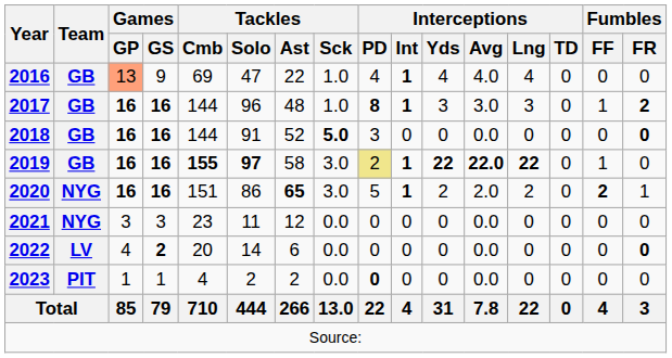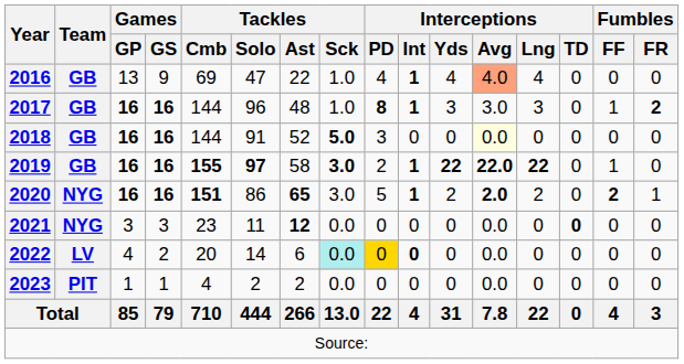 <table class="wikitable" style="text-align: center;">
 <tr>
 <th rowspan="2">Year</th>
 <th rowspan="2">Team</th>
 <th colspan="2">Games</th>
 <th colspan="4">Tackles</th>
 <th colspan="6">Interceptions</th>
 <th colspan="2">Fumbles</th>
 </tr>
 <tr>
 <th>GP</th>
 <th>GS</th>
 <th>Cmb</th>
 <th>Solo</th>
 <th>Ast</th>
 <th>Sck</th>
 <th>PD</th>
 <th>Int</th>
 <th>Yds</th>
 <th>Avg</th>
 <th>Lng</th>
 <th>TD</th>
 <th>FF</th>
 <th>FR</th>
 </tr>
 <tr>
 <th><a href='#'>2016</a></th>
 <th><a href='#'>GB</a></th>
-<td style="background: lightsalmon;">13</td>
+<td>13</td>
 <td>9</td>
 <td>69</td>
 <td>47</td>
 <td>22</td>
 <td>1.0</td>
 <td>4</td>
 <td><strong>1</strong></td>
 <td>4</td>
-<td>4.0</td>
+<td style="background: lightsalmon;">4.0</td>
 <td>4</td>
 <td>0</td>
 <td>0</td>
 <td>0</td>
 </tr>
 <tr>
 <th><a href='#'>2017</a></th>
 <th><a href='#'>GB</a></th>
 <td><strong>16</strong></td>
 <td><strong>16</strong></td>
 <td>144</td>
 <td>96</td>
 <td>48</td>
 <td>1.0</td>
 <td><strong>8</strong></td>
 <td><strong>1</strong></td>
 <td>3</td>
 <td>3.0</td>
 <td>3</td>
 <td>0</td>
 <td>1</td>
 <td><strong>2</strong></td>
 </tr>
 <tr>
 <th><a href='#'>2018</a></th>
 <th><a href='#'>GB</a></th>
 <td><strong>16</strong></td>
 <td><strong>16</strong></td>
 <td>144</td>
 <td>91</td>
 <td>52</td>
 <td><strong>5.0</strong></td>
 <td>3</td>
 <td>0</td>
 <td>0</td>
-<td>0.0</td>
+<td style="background: lightyellow;">0.0</td>
 <td>0</td>
 <td>0</td>
 <td>0</td>
-<td><strong>0</strong></td>
+<td>0</td>
 </tr>
 <tr>
 <th><a href='#'>2019</a></th>
 <th><a href='#'>GB</a></th>
 <td><strong>16</strong></td>
 <td><strong>16</strong></td>
 <td><strong>155</strong></td>
 <td><strong>97</strong></td>
 <td>58</td>
-<td>3.0</td>
-<td style="background: khaki;">2</td>
+<td><strong>3.0</strong></td>
+<td>2</td>
 <td><strong>1</strong></td>
 <td><strong>22</strong></td>
 <td><strong>22.0</strong></td>
 <td><strong>22</strong></td>
 <td>0</td>
 <td>1</td>
 <td>0</td>
 </tr>
 <tr>
 <th><a href='#'>2020</a></th>
 <th><a href='#'>NYG</a></th>
 <td><strong>16</strong></td>
 <td><strong>16</strong></td>
-<td>151</td>
+<td><strong>151</strong></td>
 <td>86</td>
 <td><strong>65</strong></td>
 <td>3.0</td>
 <td>5</td>
 <td><strong>1</strong></td>
 <td>2</td>
-<td>2.0</td>
+<td><strong>2.0</strong></td>
 <td>2</td>
 <td>0</td>
 <td><strong>2</strong></td>
 <td>1</td>
 </tr>
 <tr>
 <th><a href='#'>2021</a></th>
 <th><a href='#'>NYG</a></th>
 <td>3</td>
 <td>3</td>
 <td>23</td>
 <td>11</td>
-<td>12</td>
+<td><strong>12</strong></td>
 <td>0.0</td>
 <td>0</td>
 <td>0</td>
 <td>0</td>
 <td>0.0</td>
 <td>0</td>
-<td>0</td>
+<td><strong>0</strong></td>
 <td>0</td>
 <td>0</td>
 </tr>
 <tr>
 <th><a href='#'>2022</a></th>
 <th><a href='#'>LV</a></th>
 <td>4</td>
-<td><strong>2</strong></td>
+<td>2</td>
 <td>20</td>
 <td>14</td>
 <td>6</td>
-<td>0.0</td>
-<td>0</td>
-<td>0</td>
+<td style="background: paleturquoise;">0.0</td>
+<td style="background: gold;">0</td>
+<td><strong>0</strong></td>
 <td>0</td>
 <td>0.0</td>
 <td>0</td>
 <td>0</td>
 <td>0</td>
-<td><strong>0</strong></td>
+<td>0</td>
 </tr>
 <tr>
 <th><a href='#'>2023</a></th>
 <th><a href='#'>PIT</a></th>
 <td>1</td>
 <td>1</td>
 <td>4</td>
 <td>2</td>
 <td>2</td>
 <td>0.0</td>
-<td><strong>0</strong></td>
+<td>0</td>
 <td>0</td>
 <td>0</td>
 <td>0.0</td>
 <td>0</td>
 <td>0</td>
 <td>0</td>
 <td>0</td>
 </tr>
 <tr>
 <th colspan="2">Total</th>
 <th>85</th>
 <th>79</th>
 <th>710</th>
 <th>444</th>
 <th>266</th>
 <th>13.0</th>
 <th>22</th>
 <th>4</th>
 <th>31</th>
 <th>7.8</th>
 <th>22</th>
 <th>0</th>
 <th>4</th>
 <th>3</th>
 </tr>
 <tr>
 <td colspan="16"><small>Source: </small></td>
 </tr>
 </table>
